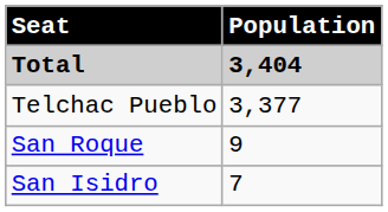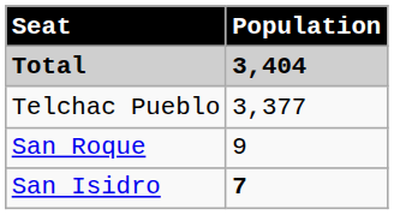 <table class="wikitable">
 <tr style="background:#000000; color:#FFFFFF;">
 <td><strong>Seat</strong></td>
 <td><strong>Population</strong></td>
 </tr>
 <tr style="background:#CFCFCF;">
 <td><strong>Total</strong></td>
 <td><strong>3,404</strong></td>
 </tr>
 <tr>
 <td>Telchac Pueblo</td>
 <td>3,377</td>
 </tr>
 <tr>
 <td><a href='#'>San Roque</a></td>
 <td>9</td>
 </tr>
 <tr>
 <td><a href='#'>San Isidro</a></td>
-<td>7</td>
+<td><strong>7</strong></td>
 </tr>
 </table>
